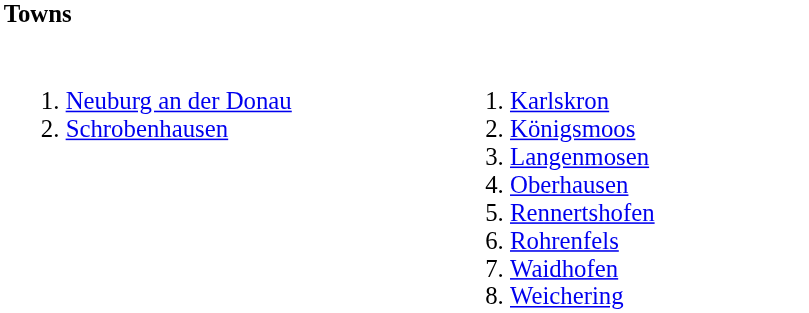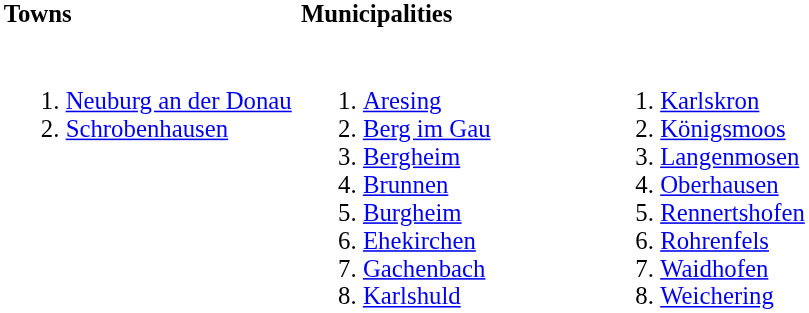 <table>
 <tr>
 <th align=left width=33%>Towns</th>
+<th align=left width=33%>Municipalities</th>
 <th align=left width=33%></th>
 </tr>
 <tr valign=top>
 <td><br><ol><li><a href='#'>Neuburg an der Donau</a></li><li><a href='#'>Schrobenhausen</a></li></ol></td>
+<td><br><ol><li><a href='#'>Aresing</a></li><li><a href='#'>Berg im Gau</a></li><li><a href='#'>Bergheim</a></li><li><a href='#'>Brunnen</a></li><li><a href='#'>Burgheim</a></li><li><a href='#'>Ehekirchen</a></li><li><a href='#'>Gachenbach</a></li><li><a href='#'>Karlshuld</a></li></ol></td>
 <td><br><ol> <li><a href='#'>Karlskron</a> <li><a href='#'>Königsmoos</a> <li><a href='#'>Langenmosen</a> <li><a href='#'>Oberhausen</a> <li><a href='#'>Rennertshofen</a> <li><a href='#'>Rohrenfels</a> <li><a href='#'>Waidhofen</a> <li><a href='#'>Weichering</a> </ol></td>
 </tr>
 </table>
